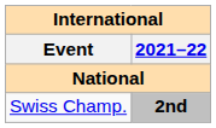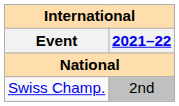 <table class="wikitable" style="text-align:center">
 <tr>
 <th style="background-color: #ffdead; " colspan=9 align=center>International</th>
 </tr>
 <tr>
 <th>Event</th>
 <th><a href='#'>2021–22</a></th>
 </tr>
 <tr>
 <th style="background-color: #ffdead; " colspan=9 align=center>National</th>
 </tr>
 <tr>
 <td align=left><a href='#'>Swiss Champ.</a></td>
-<td bgcolor=silver><strong>2nd</strong></td>
+<td bgcolor=silver>2nd</td>
 </tr>
 </table>
